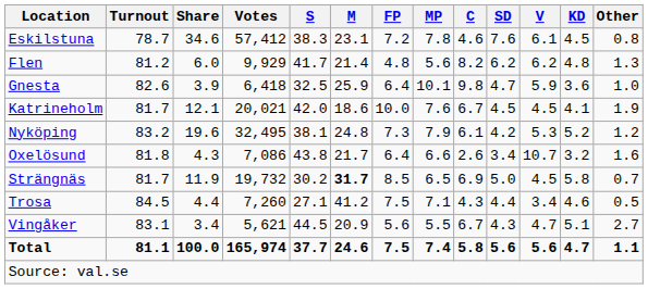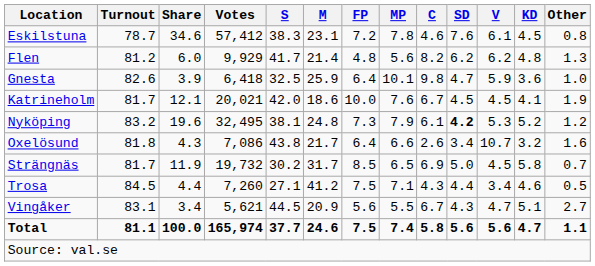 <table class="wikitable sortable" style=text-align:right>
 <tr>
 <th>Location</th>
 <th>Turnout</th>
 <th>Share</th>
 <th>Votes</th>
 <th><a href='#'>S</a></th>
 <th><a href='#'>M</a></th>
 <th><a href='#'>FP</a></th>
 <th><a href='#'>MP</a></th>
 <th><a href='#'>C</a></th>
 <th><a href='#'>SD</a></th>
 <th><a href='#'>V</a></th>
 <th><a href='#'>KD</a></th>
 <th>Other</th>
 </tr>
 <tr>
 <td align=left><a href='#'>Eskilstuna</a></td>
 <td>78.7</td>
 <td>34.6</td>
 <td>57,412</td>
 <td>38.3</td>
 <td>23.1</td>
 <td>7.2</td>
 <td>7.8</td>
 <td>4.6</td>
 <td>7.6</td>
 <td>6.1</td>
 <td>4.5</td>
 <td>0.8</td>
 </tr>
 <tr>
 <td align=left><a href='#'>Flen</a></td>
 <td>81.2</td>
 <td>6.0</td>
 <td>9,929</td>
 <td>41.7</td>
 <td>21.4</td>
 <td>4.8</td>
 <td>5.6</td>
 <td>8.2</td>
 <td>6.2</td>
 <td>6.2</td>
 <td>4.8</td>
 <td>1.3</td>
 </tr>
 <tr>
 <td align=left><a href='#'>Gnesta</a></td>
 <td>82.6</td>
 <td>3.9</td>
 <td>6,418</td>
 <td>32.5</td>
 <td>25.9</td>
 <td>6.4</td>
 <td>10.1</td>
 <td>9.8</td>
 <td>4.7</td>
 <td>5.9</td>
 <td>3.6</td>
 <td>1.0</td>
 </tr>
 <tr>
 <td align=left><a href='#'>Katrineholm</a></td>
 <td>81.7</td>
 <td>12.1</td>
 <td>20,021</td>
 <td>42.0</td>
 <td>18.6</td>
 <td>10.0</td>
 <td>7.6</td>
 <td>6.7</td>
 <td>4.5</td>
 <td>4.5</td>
 <td>4.1</td>
 <td>1.9</td>
 </tr>
 <tr>
 <td align=left><a href='#'>Nyköping</a></td>
 <td>83.2</td>
 <td>19.6</td>
 <td>32,495</td>
 <td>38.1</td>
 <td>24.8</td>
 <td>7.3</td>
 <td>7.9</td>
 <td>6.1</td>
-<td>4.2</td>
+<td><strong>4.2</strong></td>
 <td>5.3</td>
 <td>5.2</td>
 <td>1.2</td>
 </tr>
 <tr>
 <td align=left><a href='#'>Oxelösund</a></td>
 <td>81.8</td>
 <td>4.3</td>
 <td>7,086</td>
 <td>43.8</td>
 <td>21.7</td>
 <td>6.4</td>
 <td>6.6</td>
 <td>2.6</td>
 <td>3.4</td>
 <td>10.7</td>
 <td>3.2</td>
 <td>1.6</td>
 </tr>
 <tr>
 <td align=left><a href='#'>Strängnäs</a></td>
 <td>81.7</td>
 <td>11.9</td>
 <td>19,732</td>
 <td>30.2</td>
-<td><strong>31.7</strong></td>
+<td>31.7</td>
 <td>8.5</td>
 <td>6.5</td>
 <td>6.9</td>
 <td>5.0</td>
 <td>4.5</td>
 <td>5.8</td>
 <td>0.7</td>
 </tr>
 <tr>
 <td align=left><a href='#'>Trosa</a></td>
 <td>84.5</td>
 <td>4.4</td>
 <td>7,260</td>
 <td>27.1</td>
 <td>41.2</td>
 <td>7.5</td>
 <td>7.1</td>
 <td>4.3</td>
 <td>4.4</td>
 <td>3.4</td>
 <td>4.6</td>
 <td>0.5</td>
 </tr>
 <tr>
 <td align=left><a href='#'>Vingåker</a></td>
 <td>83.1</td>
 <td>3.4</td>
 <td>5,621</td>
 <td>44.5</td>
 <td>20.9</td>
 <td>5.6</td>
 <td>5.5</td>
 <td>6.7</td>
 <td>4.3</td>
 <td>4.7</td>
 <td>5.1</td>
 <td>2.7</td>
 </tr>
 <tr>
 <td align=left><strong>Total</strong></td>
 <td><strong>81.1</strong></td>
 <td><strong>100.0</strong></td>
 <td><strong>165,974</strong></td>
 <td><strong>37.7</strong></td>
 <td><strong>24.6</strong></td>
 <td><strong>7.5</strong></td>
 <td><strong>7.4</strong></td>
 <td><strong>5.8</strong></td>
 <td><strong>5.6</strong></td>
 <td><strong>5.6</strong></td>
 <td><strong>4.7</strong></td>
 <td><strong>1.1</strong></td>
 </tr>
 <tr>
 <td align=left colspan=15>Source: val.se </td>
 </tr>
 </table>
